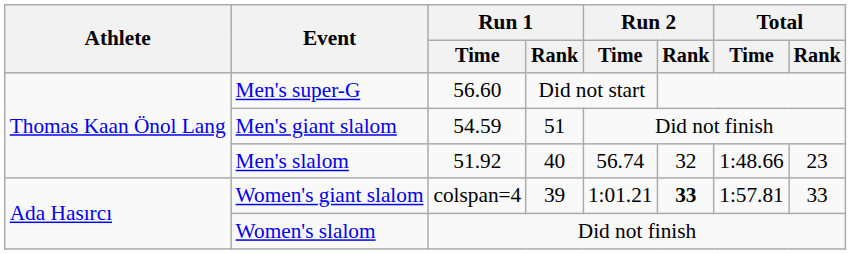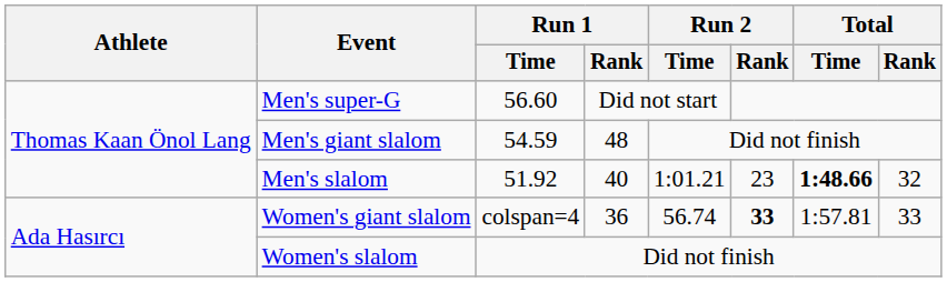 <table class="wikitable" style="font-size:90%">
 <tr>
 <th rowspan=2>Athlete</th>
 <th rowspan=2>Event</th>
 <th colspan=2>Run 1</th>
 <th colspan=2>Run 2</th>
 <th colspan=2>Total</th>
 </tr>
 <tr style="font-size:95%">
 <th>Time</th>
 <th>Rank</th>
 <th>Time</th>
 <th>Rank</th>
 <th>Time</th>
 <th>Rank</th>
 </tr>
 <tr align=center>
 <td align="left" rowspan="3"><a href='#'>Thomas Kaan Önol Lang</a></td>
 <td align="left"><a href='#'>Men's super-G</a></td>
 <td>56.60</td>
 <td colspan=2>Did not start</td>
 </tr>
 <tr align=center>
 <td align="left"><a href='#'>Men's giant slalom</a></td>
 <td>54.59</td>
-<td>51</td>
+<td>48</td>
 <td colspan=4>Did not finish</td>
 </tr>
 <tr align=center>
 <td align="left"><a href='#'>Men's slalom</a></td>
 <td>51.92</td>
 <td>40</td>
-<td>56.74</td>
+<td>1:01.21</td>
+<td>23</td>
+<td><strong>1:48.66</strong></td>
 <td>32</td>
-<td>1:48.66</td>
-<td>23</td>
 </tr>
 <tr align=center>
 <td align="left" rowspan="2"><a href='#'>Ada Hasırcı</a></td>
 <td align="left"><a href='#'>Women's giant slalom</a></td>
 <td>colspan=4</td>
-<td>39</td>
-<td>1:01.21</td>
+<td>36</td>
+<td>56.74</td>
 <td><strong>33</strong></td>
 <td>1:57.81</td>
 <td>33</td>
 </tr>
 <tr align=center>
 <td align="left"><a href='#'>Women's slalom</a></td>
 <td colspan=6>Did not finish</td>
 </tr>
 </table>
